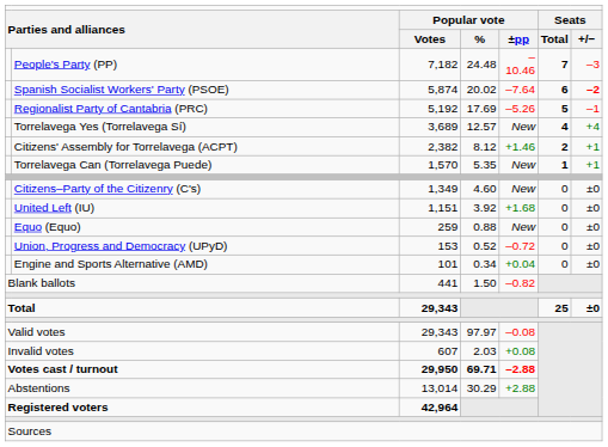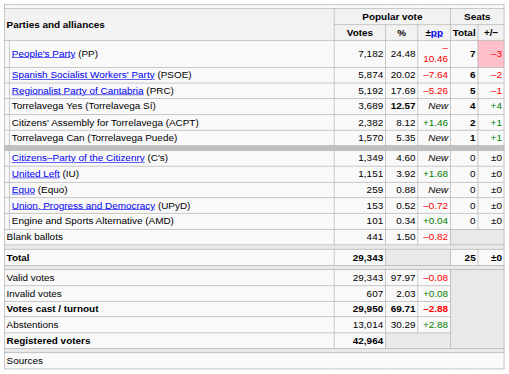 <table class="wikitable" style="text-align:right;">
 <tr>
 <td colspan="7"></td>
 </tr>
 <tr>
 <th style="text-align:left;" rowspan="2" colspan="2" width="525">Parties and alliances</th>
 <th colspan="3">Popular vote</th>
 <th colspan="2">Seats</th>
 </tr>
 <tr>
 <th width="75">Votes</th>
 <th width="45">%</th>
 <th width="45">±<a href='#'>pp</a></th>
 <th width="35">Total</th>
 <th width="35">+/−</th>
 </tr>
 <tr>
 <td width="1" style="color:inherit;background:"></td>
 <td align="left"><a href='#'>People's Party</a> (PP)</td>
 <td>7,182</td>
 <td>24.48</td>
 <td style="color:red;">–10.46</td>
 <td><strong>7</strong></td>
-<td style="color:red;">–3</td>
+<td style="background: pink; color:red;">–3</td>
 </tr>
 <tr>
 <td style="color:inherit;background:"></td>
 <td align="left"><a href='#'>Spanish Socialist Workers' Party</a> (PSOE)</td>
 <td>5,874</td>
 <td>20.02</td>
 <td style="color:red;">–7.64</td>
 <td><strong>6</strong></td>
-<td style="color:red;"><strong>–2</strong></td>
+<td style="color:red;">–2</td>
 </tr>
 <tr>
 <td style="color:inherit;background:"></td>
 <td align="left"><a href='#'>Regionalist Party of Cantabria</a> (PRC)</td>
 <td>5,192</td>
 <td>17.69</td>
 <td style="color:red;">–5.26</td>
 <td><strong>5</strong></td>
 <td style="color:red;">–1</td>
 </tr>
 <tr>
 <td style="color:inherit;background:"></td>
 <td align="left">Torrelavega Yes (Torrelavega Sí)</td>
 <td>3,689</td>
-<td>12.57</td>
+<td><strong>12.57</strong></td>
 <td><em>New</em></td>
 <td><strong>4</strong></td>
 <td style="color:green;">+4</td>
 </tr>
 <tr>
 <td style="color:inherit;background:"></td>
 <td align="left">Citizens' Assembly for Torrelavega (ACPT)</td>
 <td>2,382</td>
 <td>8.12</td>
 <td style="color:green;">+1.46</td>
 <td><strong>2</strong></td>
 <td style="color:green;">+1</td>
 </tr>
 <tr>
 <td style="color:inherit;background:"></td>
 <td align="left">Torrelavega Can (Torrelavega Puede)</td>
 <td>1,570</td>
 <td>5.35</td>
 <td><em>New</em></td>
 <td><strong>1</strong></td>
 <td style="color:green;">+1</td>
 </tr>
 <tr>
 <td colspan="7" bgcolor="#C0C0C0"></td>
 </tr>
 <tr>
 <td style="color:inherit;background:"></td>
 <td align="left"><a href='#'>Citizens–Party of the Citizenry</a> (C's)</td>
 <td>1,349</td>
 <td>4.60</td>
 <td><em>New</em></td>
 <td>0</td>
 <td>±0</td>
 </tr>
 <tr>
 <td style="color:inherit;background:"></td>
 <td align="left"><a href='#'>United Left</a> (IU)</td>
 <td>1,151</td>
 <td>3.92</td>
 <td style="color:green;">+1.68</td>
 <td>0</td>
 <td>±0</td>
 </tr>
 <tr>
 <td style="color:inherit;background:"></td>
 <td align="left"><a href='#'>Equo</a> (Equo)</td>
 <td>259</td>
 <td>0.88</td>
 <td><em>New</em></td>
 <td>0</td>
 <td>±0</td>
 </tr>
 <tr>
 <td style="color:inherit;background:"></td>
 <td align="left"><a href='#'>Union, Progress and Democracy</a> (UPyD)</td>
 <td>153</td>
 <td>0.52</td>
 <td style="color:red;">–0.72</td>
 <td>0</td>
 <td>±0</td>
 </tr>
 <tr>
 <td style="color:inherit;background:"></td>
 <td align="left">Engine and Sports Alternative (AMD)</td>
 <td>101</td>
 <td>0.34</td>
 <td style="color:green;">+0.04</td>
 <td>0</td>
 <td>±0</td>
 </tr>
 <tr>
 <td align="left" colspan="2">Blank ballots</td>
 <td>441</td>
 <td>1.50</td>
 <td style="color:red;">–0.82</td>
 <td bgcolor="#E9E9E9" colspan="2"></td>
 </tr>
 <tr>
 <td colspan="7" bgcolor="#E9E9E9"></td>
 </tr>
 <tr style="font-weight:bold;">
 <td align="left" colspan="2">Total</td>
 <td>29,343</td>
 <td bgcolor="#E9E9E9" colspan="2"></td>
 <td>25</td>
 <td>±0</td>
 </tr>
 <tr>
 <td colspan="7" bgcolor="#E9E9E9"></td>
 </tr>
 <tr>
 <td align="left" colspan="2">Valid votes</td>
 <td>29,343</td>
 <td>97.97</td>
 <td style="color:red;">–0.08</td>
 <td bgcolor="#E9E9E9" colspan="2" rowspan="5"></td>
 </tr>
 <tr>
 <td align="left" colspan="2">Invalid votes</td>
 <td>607</td>
 <td>2.03</td>
 <td style="color:green;">+0.08</td>
 </tr>
 <tr style="font-weight:bold;">
 <td align="left" colspan="2">Votes cast / turnout</td>
 <td>29,950</td>
 <td>69.71</td>
 <td style="color:red;">–2.88</td>
 </tr>
 <tr>
 <td align="left" colspan="2">Abstentions</td>
 <td>13,014</td>
 <td>30.29</td>
 <td style="color:green;">+2.88</td>
 </tr>
 <tr style="font-weight:bold;">
 <td align="left" colspan="2">Registered voters</td>
 <td>42,964</td>
 <td bgcolor="#E9E9E9" colspan="2"></td>
 </tr>
 <tr>
 <td colspan="7" bgcolor="#E9E9E9"></td>
 </tr>
 <tr>
 <td align="left" colspan="7">Sources</td>
 </tr>
 </table>
